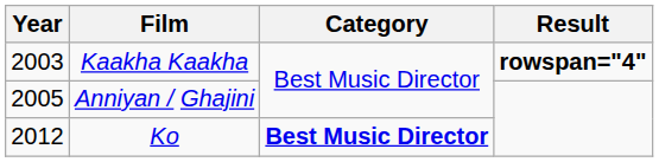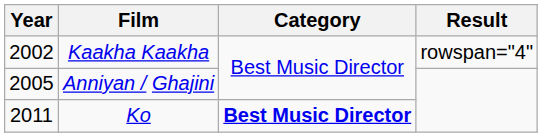 <table class="wikitable">
 <tr>
 <th>Year</th>
 <th>Film</th>
 <th>Category</th>
 <th>Result</th>
 </tr>
 <tr>
-<td style="text-align:center;">2003</td>
+<td style="text-align:center;">2002</td>
 <td style="text-align:center;"><em><a href='#'>Kaakha Kaakha</a></em></td>
 <td style="text-align:center;" rowspan="2"><a href='#'>Best Music Director</a></td>
-<td><strong>rowspan="4" </strong></td>
+<td>rowspan="4" </td>
 </tr>
 <tr>
 <td style="text-align:center;">2005</td>
 <td style="text-align:center;"><em><a href='#'>Anniyan /</a> <a href='#'>Ghajini</a></em></td>
 </tr>
 <tr>
-<td style="text-align:center;">2012</td>
+<td style="text-align:center;">2011</td>
 <td style="text-align:center;"><em><a href='#'>Ko</a></em></td>
 <td style="text-align:center;"><strong><a href='#'>Best Music Director</a></strong></td>
 </tr>
 </table>
